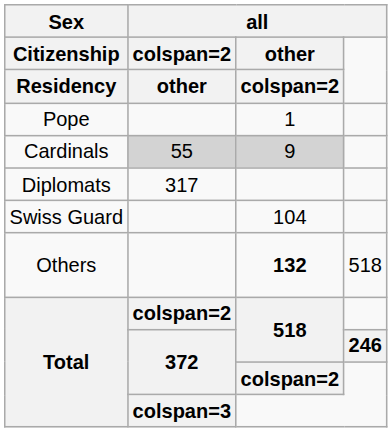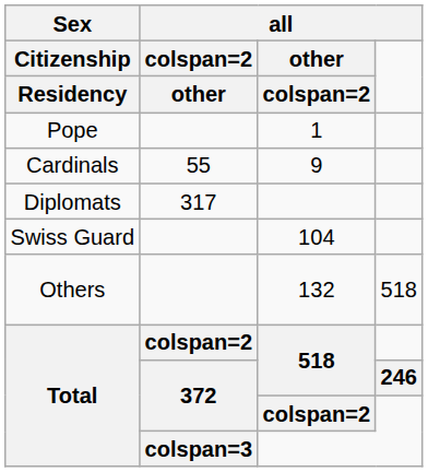 <table class=wikitable style="font-size:small; text-align:center">
 <tr>
 <th>Sex</th>
 <th colspan=3>all</th>
 </tr>
 <tr>
 <th>Citizenship</th>
 <th>colspan=2 </th>
 <th>other</th>
 </tr>
 <tr>
 <th>Residency</th>
 <th>other</th>
 <th>colspan=2 </th>
 </tr>
 <tr>
 <td>Pope</td>
 <td></td>
 <td>1</td>
 <td></td>
 </tr>
 <tr>
 <td>Cardinals</td>
-<td style="background: lightgrey;">55</td>
-<td style="background: lightgrey;">9</td>
+<td>55</td>
+<td>9</td>
 <td></td>
 </tr>
 <tr>
 <td>Diplomats</td>
 <td>317</td>
 <td></td>
 <td></td>
 </tr>
 <tr>
 <td>Swiss Guard</td>
 <td></td>
 <td>104</td>
 <td></td>
 </tr>
 <tr style=line-height:2.7>
 <td>Others</td>
 <td></td>
-<td><strong>132</strong></td>
+<td>132</td>
 <td>518</td>
 </tr>
 <tr>
 <th rowspan=4>Total</th>
 <th>colspan=2 </th>
 <th rowspan=2>518</th>
 </tr>
 <tr>
 <th rowspan=2>372</th>
 <th>246</th>
 </tr>
 <tr>
 <th>colspan=2 </th>
 </tr>
 <tr>
 <th>colspan=3 </th>
 </tr>
 </table>
